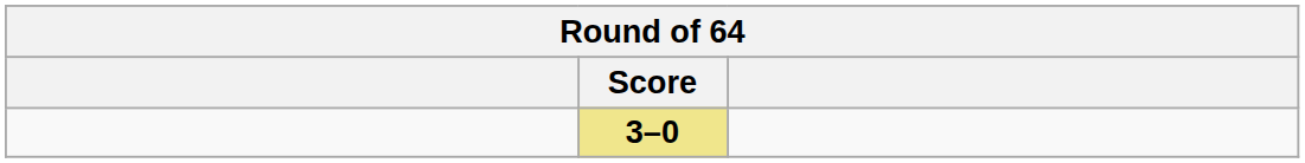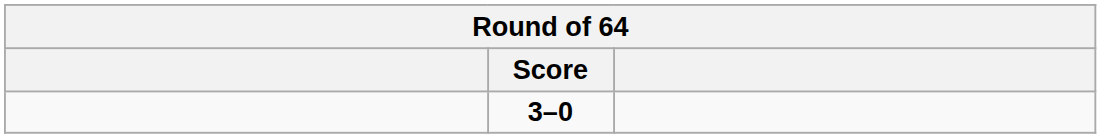 <table class="wikitable" style="text-align: center; font-size:90% ">
 <tr>
 <th colspan=3>Round of 64</th>
 </tr>
 <tr>
 <th align="right" width="250"></th>
 <th width="60">Score</th>
 <th align="left" width="250"></th>
 </tr>
 <tr>
 <td align=left><strong></strong></td>
-<td align=center style="background: khaki;"><strong>3–0</strong></td>
+<td align=center><strong>3–0</strong></td>
 <td align=left></td>
 </tr>
 </table>
